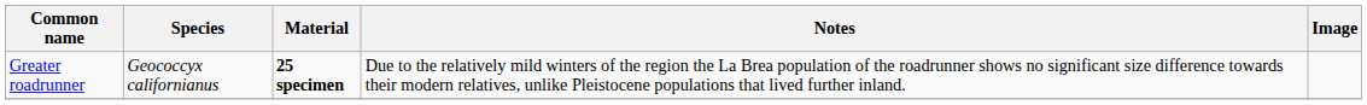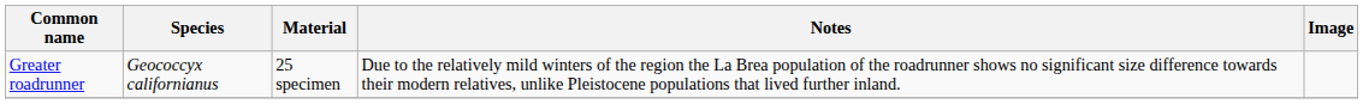 <table class="wikitable" align="center" width="100%">
 <tr>
 <th>Common name</th>
 <th>Species</th>
 <th>Material</th>
 <th>Notes</th>
 <th>Image</th>
 </tr>
 <tr>
 <td><a href='#'>Greater roadrunner</a></td>
 <td><em>Geococcyx californianus</em></td>
-<td><strong>25 specimen</strong></td>
+<td>25 specimen</td>
 <td>Due to the relatively mild winters of the region the La Brea population of the roadrunner shows no significant size difference towards their modern relatives, unlike Pleistocene populations that lived further inland.</td>
 <td></td>
 </tr>
 <tr>
 </tr>
 </table>
